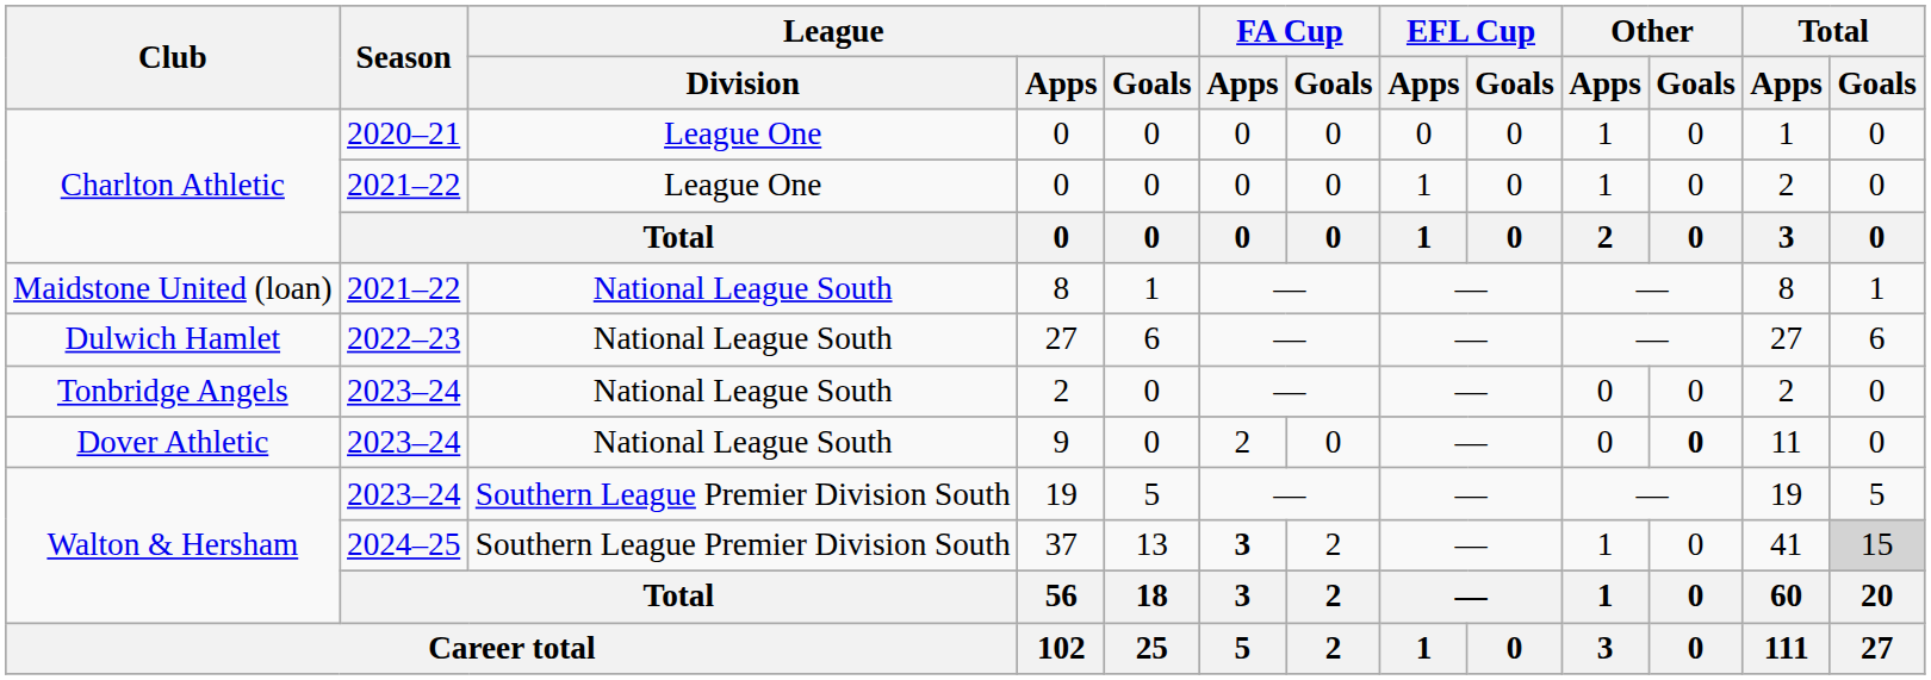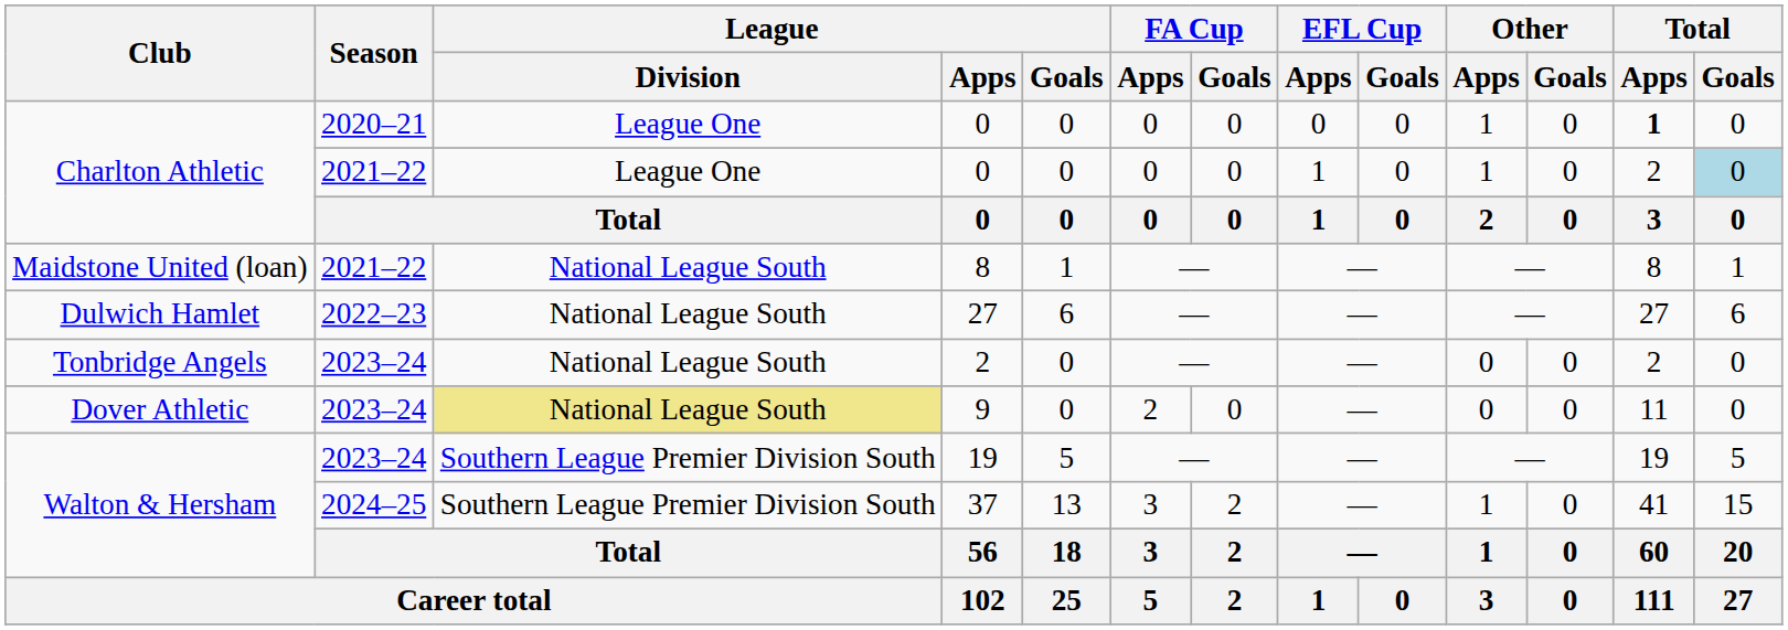 <table class="wikitable" style="text-align: center">
 <tr>
 <th rowspan="2">Club</th>
 <th rowspan="2">Season</th>
 <th colspan="3">League</th>
 <th colspan="2"><a href='#'>FA Cup</a></th>
 <th colspan="2"><a href='#'>EFL Cup</a></th>
 <th colspan="2">Other</th>
 <th colspan="2">Total</th>
 </tr>
 <tr>
 <th>Division</th>
 <th>Apps</th>
 <th>Goals</th>
 <th>Apps</th>
 <th>Goals</th>
 <th>Apps</th>
 <th>Goals</th>
 <th>Apps</th>
 <th>Goals</th>
 <th>Apps</th>
 <th>Goals</th>
 </tr>
 <tr>
 <td rowspan="3"><a href='#'>Charlton Athletic</a></td>
 <td><a href='#'>2020–21</a></td>
 <td><a href='#'>League One</a></td>
 <td>0</td>
 <td>0</td>
 <td>0</td>
 <td>0</td>
 <td>0</td>
 <td>0</td>
 <td>1</td>
 <td>0</td>
-<td>1</td>
+<td><strong>1</strong></td>
 <td>0</td>
 </tr>
 <tr>
 <td><a href='#'>2021–22</a></td>
 <td>League One</td>
 <td>0</td>
 <td>0</td>
 <td>0</td>
 <td>0</td>
 <td>1</td>
 <td>0</td>
 <td>1</td>
 <td>0</td>
 <td>2</td>
-<td>0</td>
+<td style="background: lightblue;">0</td>
 </tr>
 <tr>
 <th colspan="2">Total</th>
 <th>0</th>
 <th>0</th>
 <th>0</th>
 <th>0</th>
 <th>1</th>
 <th>0</th>
 <th>2</th>
 <th>0</th>
 <th>3</th>
 <th>0</th>
 </tr>
 <tr>
 <td><a href='#'>Maidstone United</a> (loan)</td>
 <td><a href='#'>2021–22</a></td>
 <td><a href='#'>National League South</a></td>
 <td>8</td>
 <td>1</td>
 <td colspan="2">—</td>
 <td colspan="2">—</td>
 <td colspan="2">—</td>
 <td>8</td>
 <td>1</td>
 </tr>
 <tr>
 <td><a href='#'>Dulwich Hamlet</a></td>
 <td><a href='#'>2022–23</a></td>
 <td>National League South</td>
 <td>27</td>
 <td>6</td>
 <td colspan="2">—</td>
 <td colspan="2">—</td>
 <td colspan="2">—</td>
 <td>27</td>
 <td>6</td>
 </tr>
 <tr>
 <td><a href='#'>Tonbridge Angels</a></td>
 <td><a href='#'>2023–24</a></td>
 <td>National League South</td>
 <td>2</td>
 <td>0</td>
 <td colspan="2">—</td>
 <td colspan="2">—</td>
 <td>0</td>
 <td>0</td>
 <td>2</td>
 <td>0</td>
 </tr>
 <tr>
 <td><a href='#'>Dover Athletic</a></td>
 <td><a href='#'>2023–24</a></td>
-<td>National League South</td>
+<td style="background: khaki;">National League South</td>
 <td>9</td>
 <td>0</td>
 <td>2</td>
 <td>0</td>
 <td colspan="2">—</td>
 <td>0</td>
-<td><strong>0</strong></td>
+<td>0</td>
 <td>11</td>
 <td>0</td>
 </tr>
 <tr>
 <td rowspan="3"><a href='#'>Walton & Hersham</a></td>
 <td><a href='#'>2023–24</a></td>
 <td><a href='#'>Southern League</a> Premier Division South</td>
 <td>19</td>
 <td>5</td>
 <td colspan="2">—</td>
 <td colspan="2">—</td>
 <td colspan="2">—</td>
 <td>19</td>
 <td>5</td>
 </tr>
 <tr>
 <td><a href='#'>2024–25</a></td>
 <td>Southern League Premier Division South</td>
 <td>37</td>
 <td>13</td>
-<td><strong>3</strong></td>
+<td>3</td>
 <td>2</td>
 <td colspan="2">—</td>
 <td>1</td>
 <td>0</td>
 <td>41</td>
-<td style="background: lightgrey;">15</td>
+<td>15</td>
 </tr>
 <tr>
 <th colspan="2">Total</th>
 <th>56</th>
 <th>18</th>
 <th>3</th>
 <th>2</th>
 <th colspan="2">—</th>
 <th>1</th>
 <th>0</th>
 <th>60</th>
 <th>20</th>
 </tr>
 <tr>
 <th colspan="3">Career total</th>
 <th>102</th>
 <th>25</th>
 <th>5</th>
 <th>2</th>
 <th>1</th>
 <th>0</th>
 <th>3</th>
 <th>0</th>
 <th>111</th>
 <th>27</th>
 </tr>
 </table>
